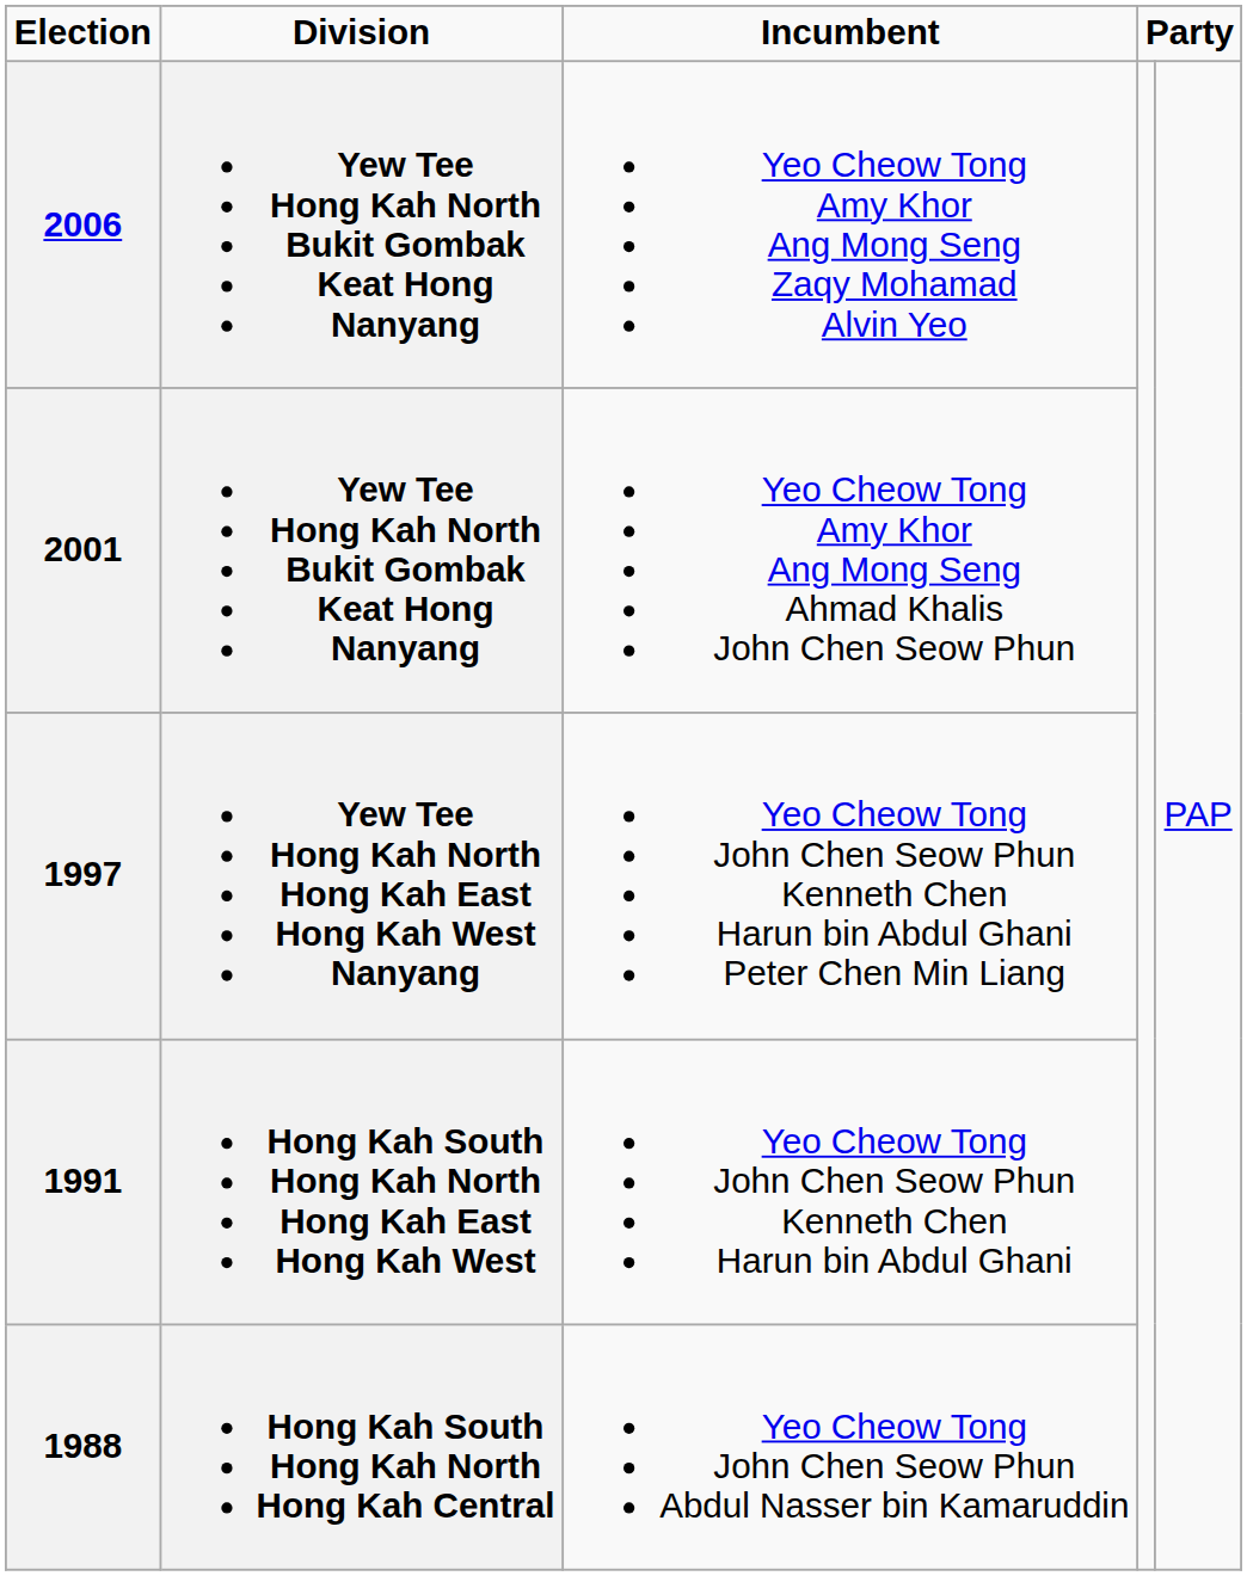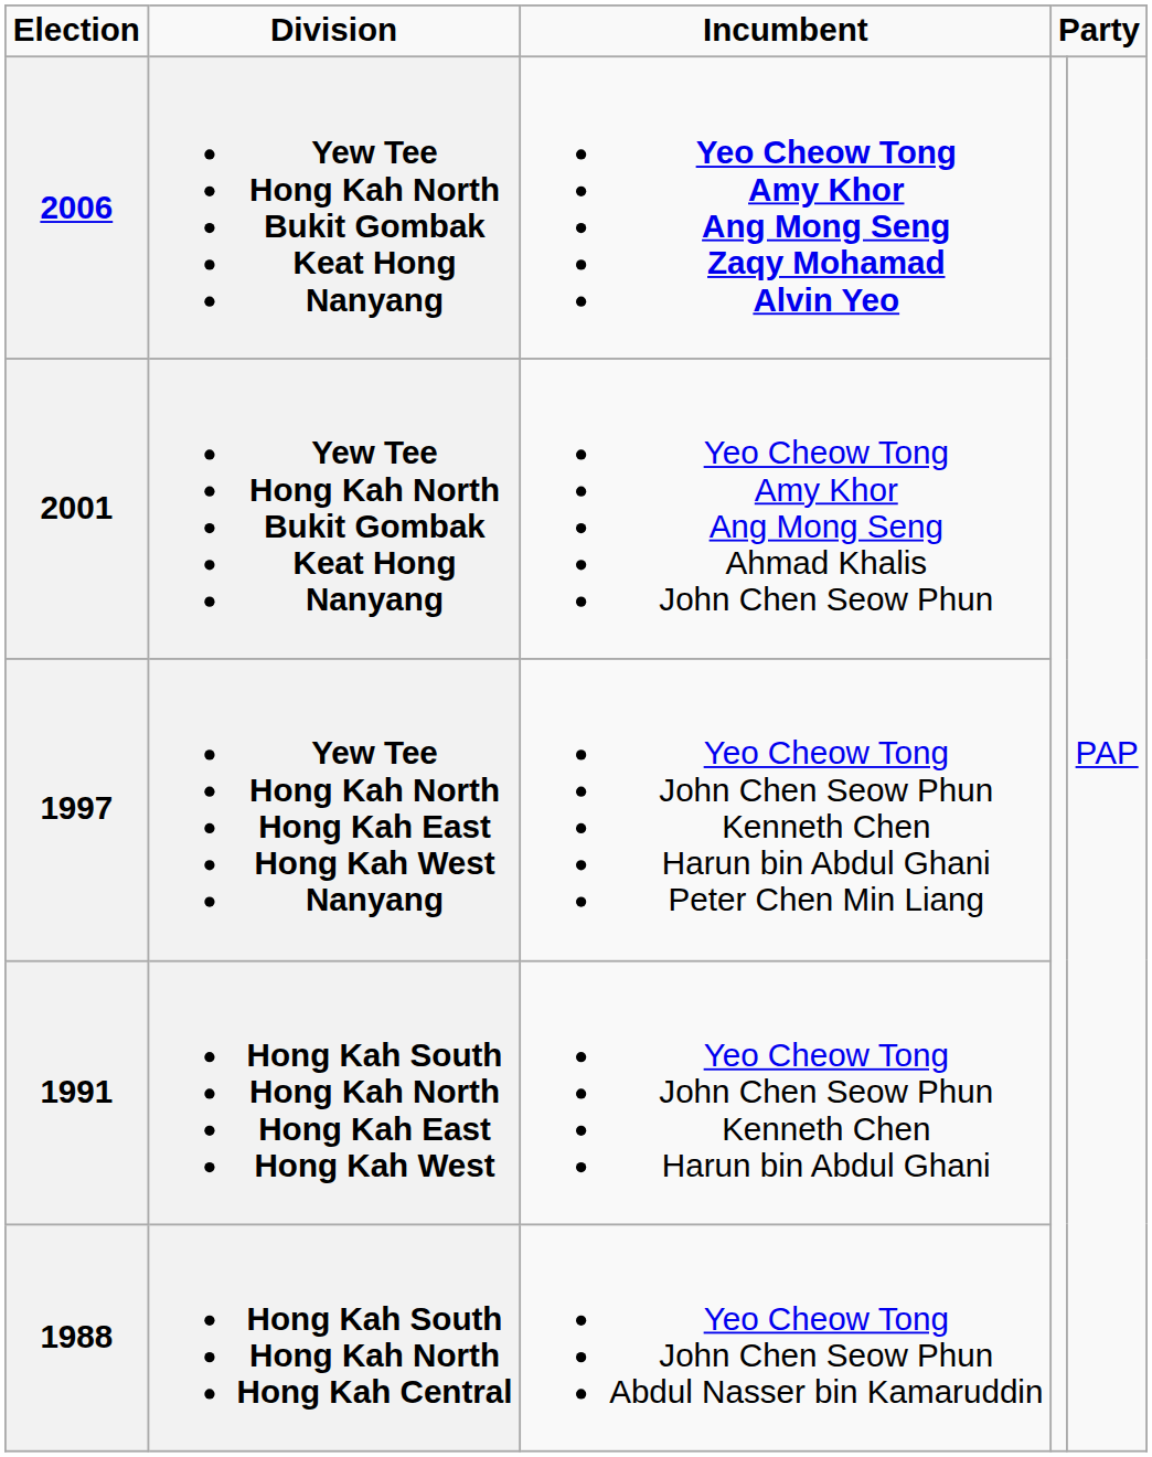 <table class="wikitable" align="center" style="text-align:center">
 <tr>
 <td><strong>Election </strong></td>
 <td><strong>Division </strong></td>
 <td><strong>Incumbent</strong></td>
 <td colspan="2"><strong>Party</strong></td>
 </tr>
 <tr>
 <th><a href='#'>2006</a></th>
 <th><br><ul><li>Yew Tee</li><li>Hong Kah North</li><li>Bukit Gombak</li><li>Keat Hong</li><li>Nanyang</li></ul></th>
-<td><br><ul><li><a href='#'>Yeo Cheow Tong</a></li><li><a href='#'>Amy Khor</a></li><li><a href='#'>Ang Mong Seng</a></li><li><a href='#'>Zaqy Mohamad</a></li><li><a href='#'>Alvin Yeo</a></li></ul></td>
+<td><strong><br><ul><li><a href='#'>Yeo Cheow Tong</a></li><li><a href='#'>Amy Khor</a></li><li><a href='#'>Ang Mong Seng</a></li><li><a href='#'>Zaqy Mohamad</a></li><li><a href='#'>Alvin Yeo</a></li></ul></strong></td>
 <td rowspan="5"></td>
 <td rowspan="5"><a href='#'>PAP</a></td>
 </tr>
 <tr>
 <th>2001</th>
 <th><br><ul><li>Yew Tee</li><li>Hong Kah North</li><li>Bukit Gombak</li><li>Keat Hong</li><li>Nanyang</li></ul></th>
 <td><br><ul><li><a href='#'>Yeo Cheow Tong</a></li><li><a href='#'>Amy Khor</a></li><li><a href='#'>Ang Mong Seng</a></li><li>Ahmad Khalis</li><li>John Chen Seow Phun</li></ul></td>
 </tr>
 <tr>
 <th>1997</th>
 <th><br><ul><li>Yew Tee</li><li>Hong Kah North</li><li>Hong Kah East</li><li>Hong Kah West</li><li>Nanyang</li></ul></th>
 <td><br><ul><li><a href='#'>Yeo Cheow Tong</a></li><li>John Chen Seow Phun</li><li>Kenneth Chen</li><li>Harun bin Abdul Ghani</li><li>Peter Chen Min Liang</li></ul></td>
 </tr>
 <tr>
 <th>1991</th>
 <th><br><ul><li>Hong Kah South</li><li>Hong Kah North</li><li>Hong Kah East</li><li>Hong Kah West</li></ul></th>
 <td><br><ul><li><a href='#'>Yeo Cheow Tong</a></li><li>John Chen Seow Phun</li><li>Kenneth Chen</li><li>Harun bin Abdul Ghani</li></ul></td>
 </tr>
 <tr>
 <th>1988</th>
 <th><br><ul><li>Hong Kah South</li><li>Hong Kah North</li><li>Hong Kah Central</li></ul></th>
 <td><br><ul><li><a href='#'>Yeo Cheow Tong</a></li><li>John Chen Seow Phun</li><li>Abdul Nasser bin Kamaruddin</li></ul></td>
 </tr>
 </table>
